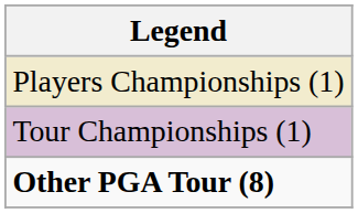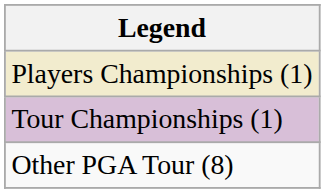 <table class="wikitable" style="font-size:95%;">
 <tr>
 <th>Legend</th>
 </tr>
 <tr style="background:#f2ecce;">
 <td>Players Championships (1)</td>
 </tr>
 <tr style="background:thistle;">
 <td>Tour Championships (1)</td>
 </tr>
 <tr>
-<td><strong>Other PGA Tour (8)</strong></td>
+<td>Other PGA Tour (8)</td>
 </tr>
 </table>
